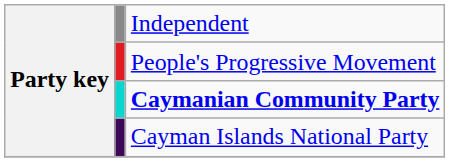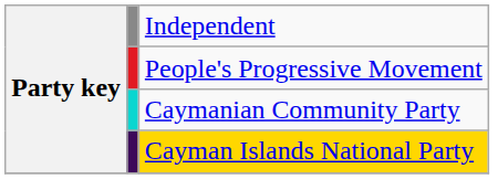 <table class=wikitable>
 <tr>
 <th rowspan=4>Party key</th>
 <td bgcolor=#888888></td>
 <td align=left><a href='#'>Independent</a></td>
 </tr>
 <tr>
 <td bgcolor=#e21a22></td>
 <td align=left><a href='#'>People's Progressive Movement</a></td>
 </tr>
 <tr>
 <td bgcolor=#0AD6D0></td>
-<td align=left><strong><a href='#'>Caymanian Community Party</a></strong></td>
+<td align=left><a href='#'>Caymanian Community Party</a></td>
 </tr>
 <tr>
 <td bgcolor=#3C0959></td>
-<td align=left><a href='#'>Cayman Islands National Party</a></td>
+<td align=left style="background: gold;"><a href='#'>Cayman Islands National Party</a></td>
 </tr>
 <tr>
 </tr>
 </table>
